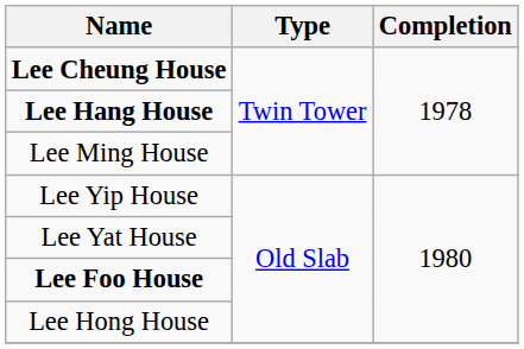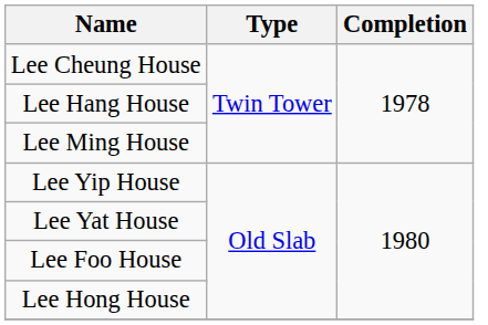 <table class="wikitable" style="text-align: center">
 <tr>
 <th>Name</th>
 <th>Type</th>
 <th>Completion</th>
 </tr>
 <tr>
-<td><strong>Lee Cheung House</strong></td>
+<td>Lee Cheung House</td>
 <td rowspan="3"><a href='#'>Twin Tower</a></td>
 <td rowspan="3">1978</td>
 </tr>
 <tr>
-<td><strong>Lee Hang House</strong></td>
+<td>Lee Hang House</td>
 </tr>
 <tr>
 <td>Lee Ming House</td>
 </tr>
 <tr>
 <td>Lee Yip House</td>
 <td rowspan="4"><a href='#'>Old Slab</a></td>
 <td rowspan="4">1980</td>
 </tr>
 <tr>
 <td>Lee Yat House</td>
 </tr>
 <tr>
-<td><strong>Lee Foo House</strong></td>
+<td>Lee Foo House</td>
 </tr>
 <tr>
 <td>Lee Hong House</td>
 </tr>
 <tr>
 </tr>
 </table>
